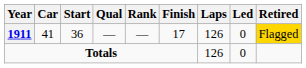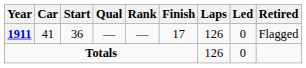 <table class="wikitable" style="text-align:center">
 <tr>
 <th>Year</th>
 <th>Car</th>
 <th>Start</th>
 <th>Qual</th>
 <th>Rank</th>
 <th>Finish</th>
 <th>Laps</th>
 <th>Led</th>
 <th>Retired</th>
 </tr>
 <tr>
 <th><a href='#'>1911</a></th>
 <td>41</td>
 <td>36</td>
 <td>—</td>
 <td>—</td>
 <td>17</td>
 <td>126</td>
 <td>0</td>
-<td style="background: gold;">Flagged</td>
+<td>Flagged</td>
 </tr>
 <tr>
 <td colspan=6><strong>Totals</strong></td>
 <td>126</td>
 <td>0</td>
 <td></td>
 </tr>
 </table>
